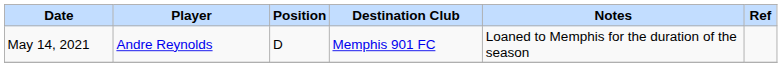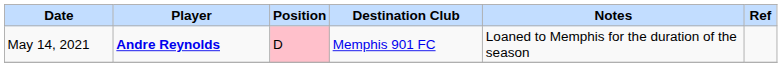 <table class="wikitable" style="text-align:left; font-size:95%;">
 <tr>
 <th style="background:#c2ddff; width:120px;">Date</th>
 <th style="background:#c2ddff; width:175px;">Player</th>
 <th style="background:#c2ddff; width:50px;">Position</th>
 <th style="background:#c2ddff; width:170px;">Destination Club</th>
 <th style="background:#c2ddff; width:300px;">Notes</th>
 <th style="background:#c2ddff; width:30px;">Ref</th>
 </tr>
 <tr>
 <td>May 14, 2021</td>
-<td> <a href='#'>Andre Reynolds</a></td>
-<td>D</td>
+<td><strong> <a href='#'>Andre Reynolds</a></strong></td>
+<td style="background: pink;">D</td>
 <td> <a href='#'>Memphis 901 FC</a></td>
 <td>Loaned to Memphis for the duration of the season</td>
 <td></td>
 </tr>
 <tr>
 </tr>
 </table>
